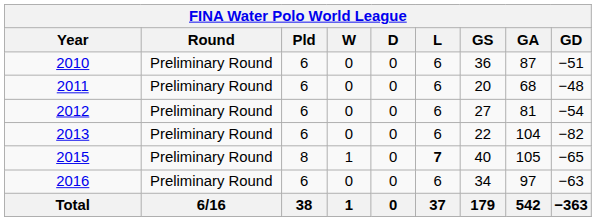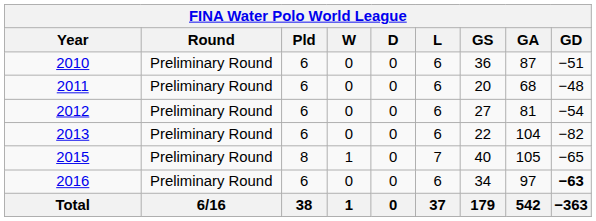 <table class="wikitable" width=50% style="text-align: center;font-size:100%;">
 <tr>
 <th colspan=10><a href='#'>FINA Water Polo World League</a></th>
 </tr>
 <tr>
 <th width=25%>Year</th>
 <th width=25%>Round</th>
 <th width=8%>Pld</th>
 <th width=8%>W</th>
 <th width=8%>D</th>
 <th width=8%>L</th>
 <th width=8%>GS</th>
 <th width=8%>GA</th>
 <th width=10%>GD</th>
 </tr>
 <tr>
 <td><a href='#'>2010</a></td>
 <td>Preliminary Round</td>
 <td>6</td>
 <td>0</td>
 <td>0</td>
 <td>6</td>
 <td>36</td>
 <td>87</td>
 <td>−51</td>
 </tr>
 <tr>
 <td><a href='#'>2011</a></td>
 <td>Preliminary Round</td>
 <td>6</td>
 <td>0</td>
 <td>0</td>
 <td>6</td>
 <td>20</td>
 <td>68</td>
 <td>−48</td>
 </tr>
 <tr>
 <td><a href='#'>2012</a></td>
 <td>Preliminary Round</td>
 <td>6</td>
 <td>0</td>
 <td>0</td>
 <td>6</td>
 <td>27</td>
 <td>81</td>
 <td>−54</td>
 </tr>
 <tr>
 <td><a href='#'>2013</a></td>
 <td>Preliminary Round</td>
 <td>6</td>
 <td>0</td>
 <td>0</td>
 <td>6</td>
 <td>22</td>
 <td>104</td>
 <td>−82</td>
 </tr>
 <tr>
 <td><a href='#'>2015</a></td>
 <td>Preliminary Round</td>
 <td>8</td>
 <td>1</td>
 <td>0</td>
-<td><strong>7</strong></td>
+<td>7</td>
 <td>40</td>
 <td>105</td>
 <td>−65</td>
 </tr>
 <tr>
 <td><a href='#'>2016</a></td>
 <td>Preliminary Round</td>
 <td>6</td>
 <td>0</td>
 <td>0</td>
 <td>6</td>
 <td>34</td>
 <td>97</td>
-<td>−63</td>
+<td><strong>−63</strong></td>
 </tr>
 <tr>
 <th>Total</th>
 <th>6/16</th>
 <th>38</th>
 <th>1</th>
 <th>0</th>
 <th>37</th>
 <th>179</th>
 <th>542</th>
 <th>−363</th>
 </tr>
 </table>
